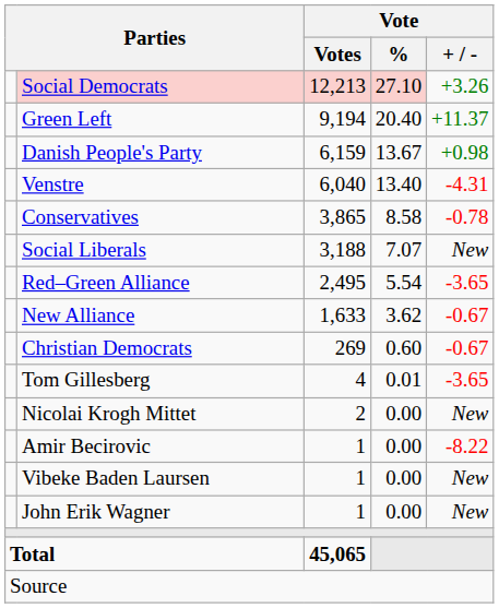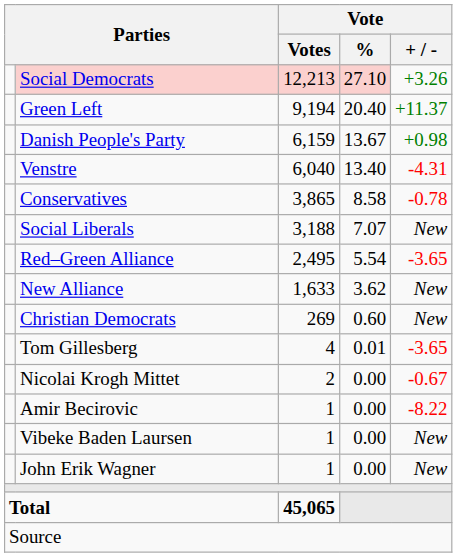 <table class="wikitable" style="text-align:right;">
 <tr>
 <th style="text-align:centre;" rowspan="2" colspan="2" width="225">Parties</th>
 <th colspan="3">Vote</th>
 </tr>
 <tr>
 <th width="15">Votes</th>
 <th width="15">%</th>
 <th width="15">+ / -</th>
 </tr>
 <tr>
 <td width="2" style="color:inherit;background:"></td>
 <td bgcolor=#fbd0ce  align="left"><a href='#'>Social Democrats</a></td>
 <td bgcolor=#fbd0ce>12,213</td>
 <td bgcolor=#fbd0ce>27.10</td>
 <td style=color:green;>+3.26</td>
 </tr>
 <tr>
 <td width="2" style="color:inherit;background:"></td>
 <td align="left"><a href='#'>Green Left</a></td>
 <td>9,194</td>
 <td>20.40</td>
 <td style=color:green;>+11.37</td>
 </tr>
 <tr>
 <td width="2" style="color:inherit;background:"></td>
 <td align="left"><a href='#'>Danish People's Party</a></td>
 <td>6,159</td>
 <td>13.67</td>
 <td style=color:green;>+0.98</td>
 </tr>
 <tr>
 <td width="2" style="color:inherit;background:"></td>
 <td align="left"><a href='#'>Venstre</a></td>
 <td>6,040</td>
 <td>13.40</td>
 <td style=color:red;>-4.31</td>
 </tr>
 <tr>
 <td width="2" style="color:inherit;background:"></td>
 <td align="left"><a href='#'>Conservatives</a></td>
 <td>3,865</td>
 <td>8.58</td>
 <td style=color:red;>-0.78</td>
 </tr>
 <tr>
 <td width="2" style="color:inherit;background:"></td>
 <td align="left"><a href='#'>Social Liberals</a></td>
 <td>3,188</td>
 <td>7.07</td>
 <td><em>New</em></td>
 </tr>
 <tr>
 <td width="2" style="color:inherit;background:"></td>
 <td align="left"><a href='#'>Red–Green Alliance</a></td>
 <td>2,495</td>
 <td>5.54</td>
 <td style=color:red;>-3.65</td>
 </tr>
 <tr>
 <td width="2" style="color:inherit;background:"></td>
 <td align="left"><a href='#'>New Alliance</a></td>
 <td>1,633</td>
 <td>3.62</td>
-<td style=color:red;>-0.67</td>
+<td><em>New</em></td>
 </tr>
 <tr>
 <td width="2" style="color:inherit;background:"></td>
 <td align="left"><a href='#'>Christian Democrats</a></td>
 <td>269</td>
 <td>0.60</td>
-<td style=color:red;>-0.67</td>
+<td><em>New</em></td>
 </tr>
 <tr>
 <td width="2" style="color:inherit;background:"></td>
 <td align="left">Tom Gillesberg</td>
 <td>4</td>
 <td>0.01</td>
 <td style=color:red;>-3.65</td>
 </tr>
 <tr>
 <td width="2" style="color:inherit;background:"></td>
 <td align="left">Nicolai Krogh Mittet</td>
 <td>2</td>
 <td>0.00</td>
-<td><em>New</em></td>
+<td style=color:red;>-0.67</td>
 </tr>
 <tr>
 <td width="2" style="color:inherit;background:"></td>
 <td align="left">Amir Becirovic</td>
 <td>1</td>
 <td>0.00</td>
 <td style=color:red;>-8.22</td>
 </tr>
 <tr>
 <td width="2" style="color:inherit;background:"></td>
 <td align="left">Vibeke Baden Laursen</td>
 <td>1</td>
 <td>0.00</td>
 <td><em>New</em></td>
 </tr>
 <tr>
 <td width="2" style="color:inherit;background:"></td>
 <td align="left">John Erik Wagner</td>
 <td>1</td>
 <td>0.00</td>
 <td><em>New</em></td>
 </tr>
 <tr>
 <td colspan="7" bgcolor="#E9E9E9"></td>
 </tr>
 <tr>
 <td align="left" colspan="2"><strong>Total</strong></td>
 <td><strong>45,065</strong></td>
 <td bgcolor="#E9E9E9" colspan="2"></td>
 </tr>
 <tr>
 <td align="left" colspan="6">Source</td>
 </tr>
 </table>
